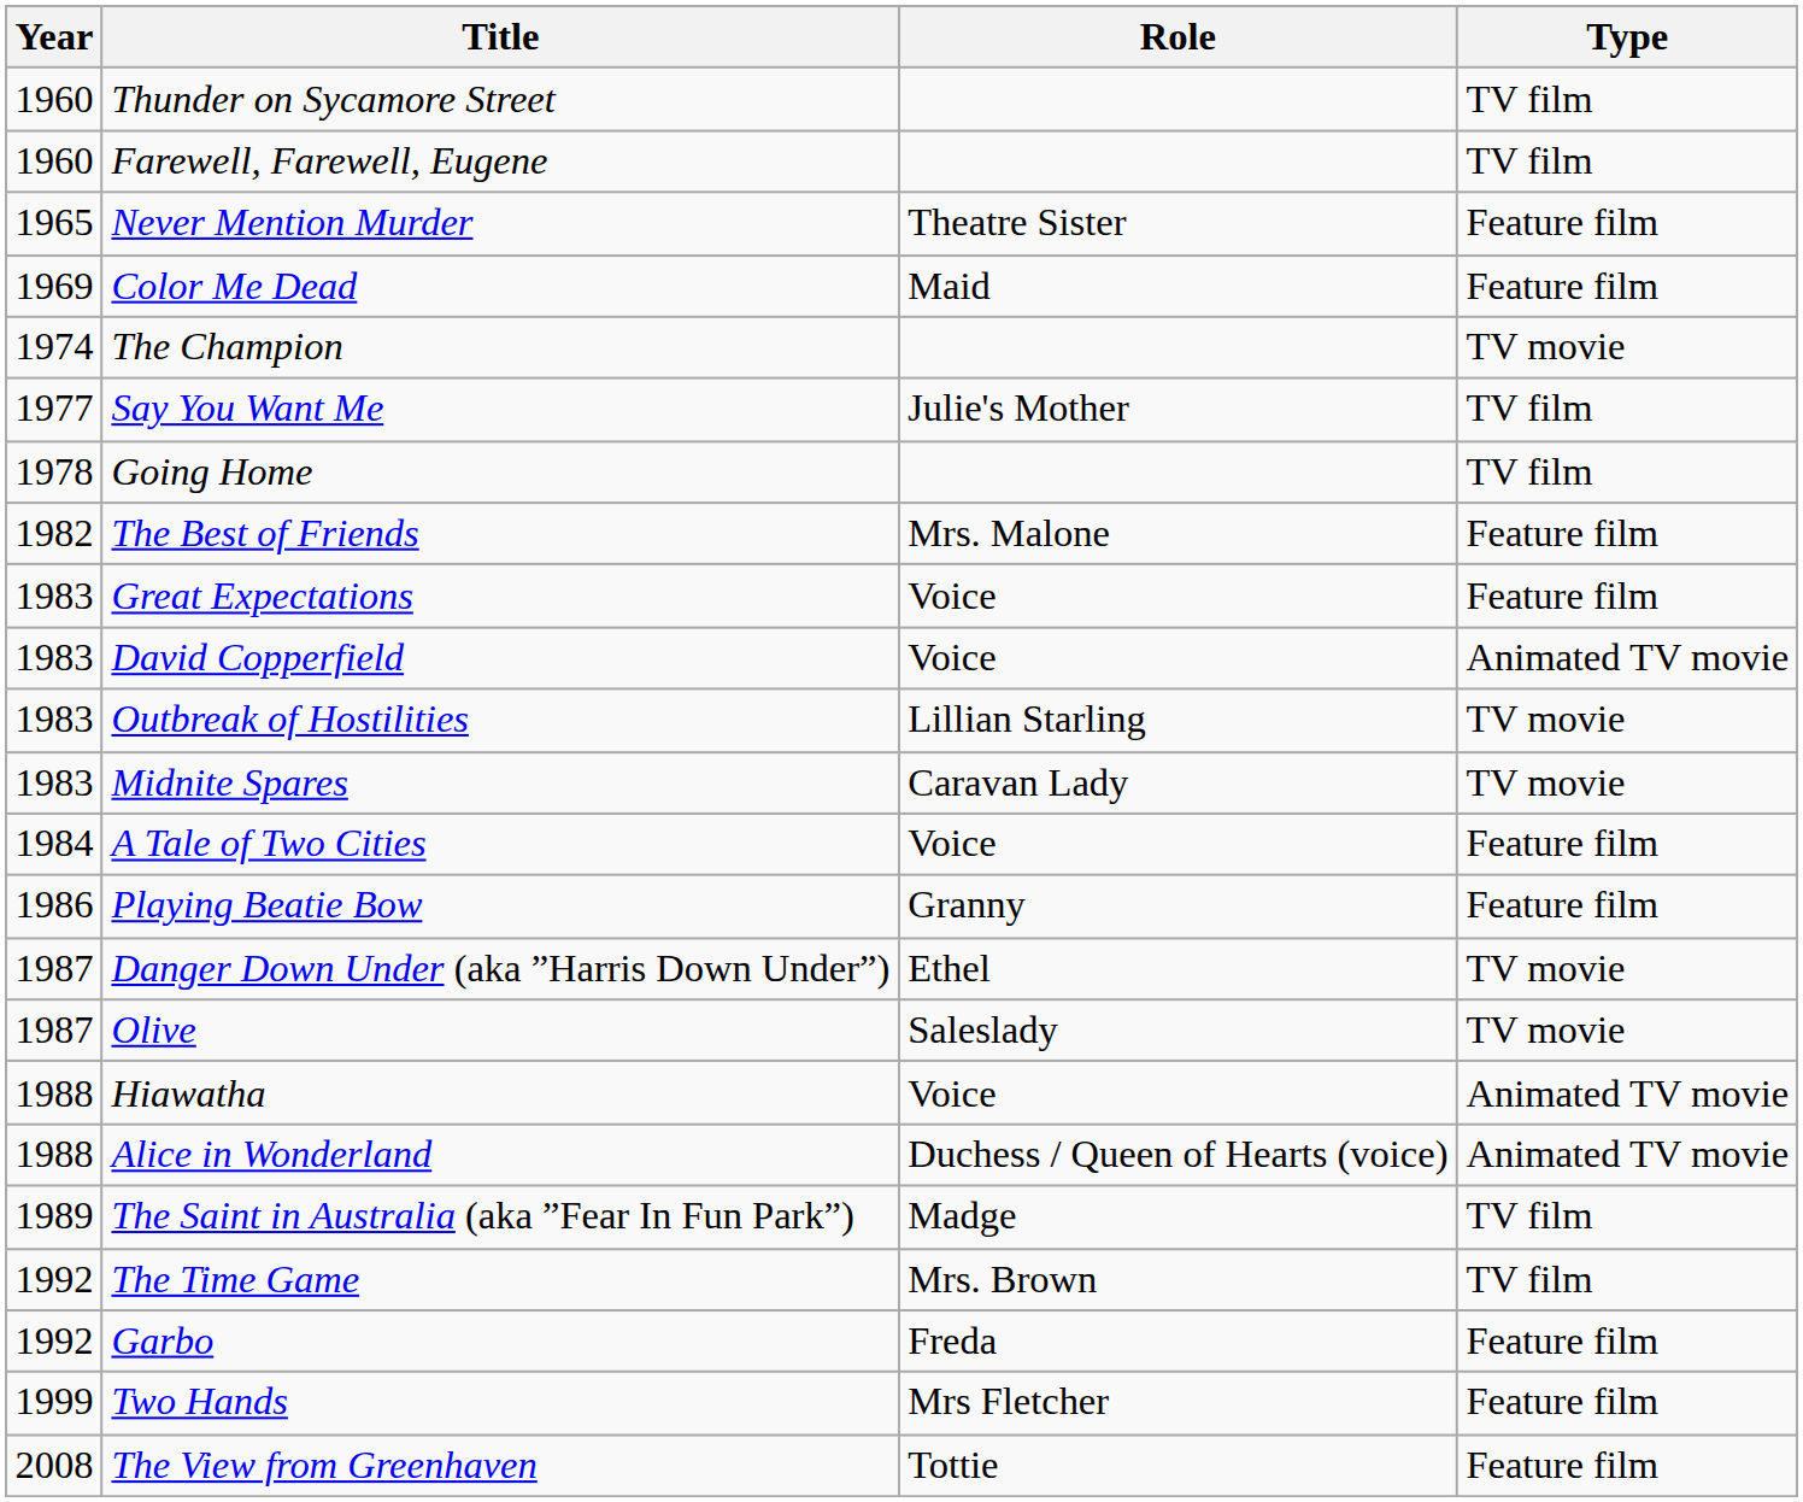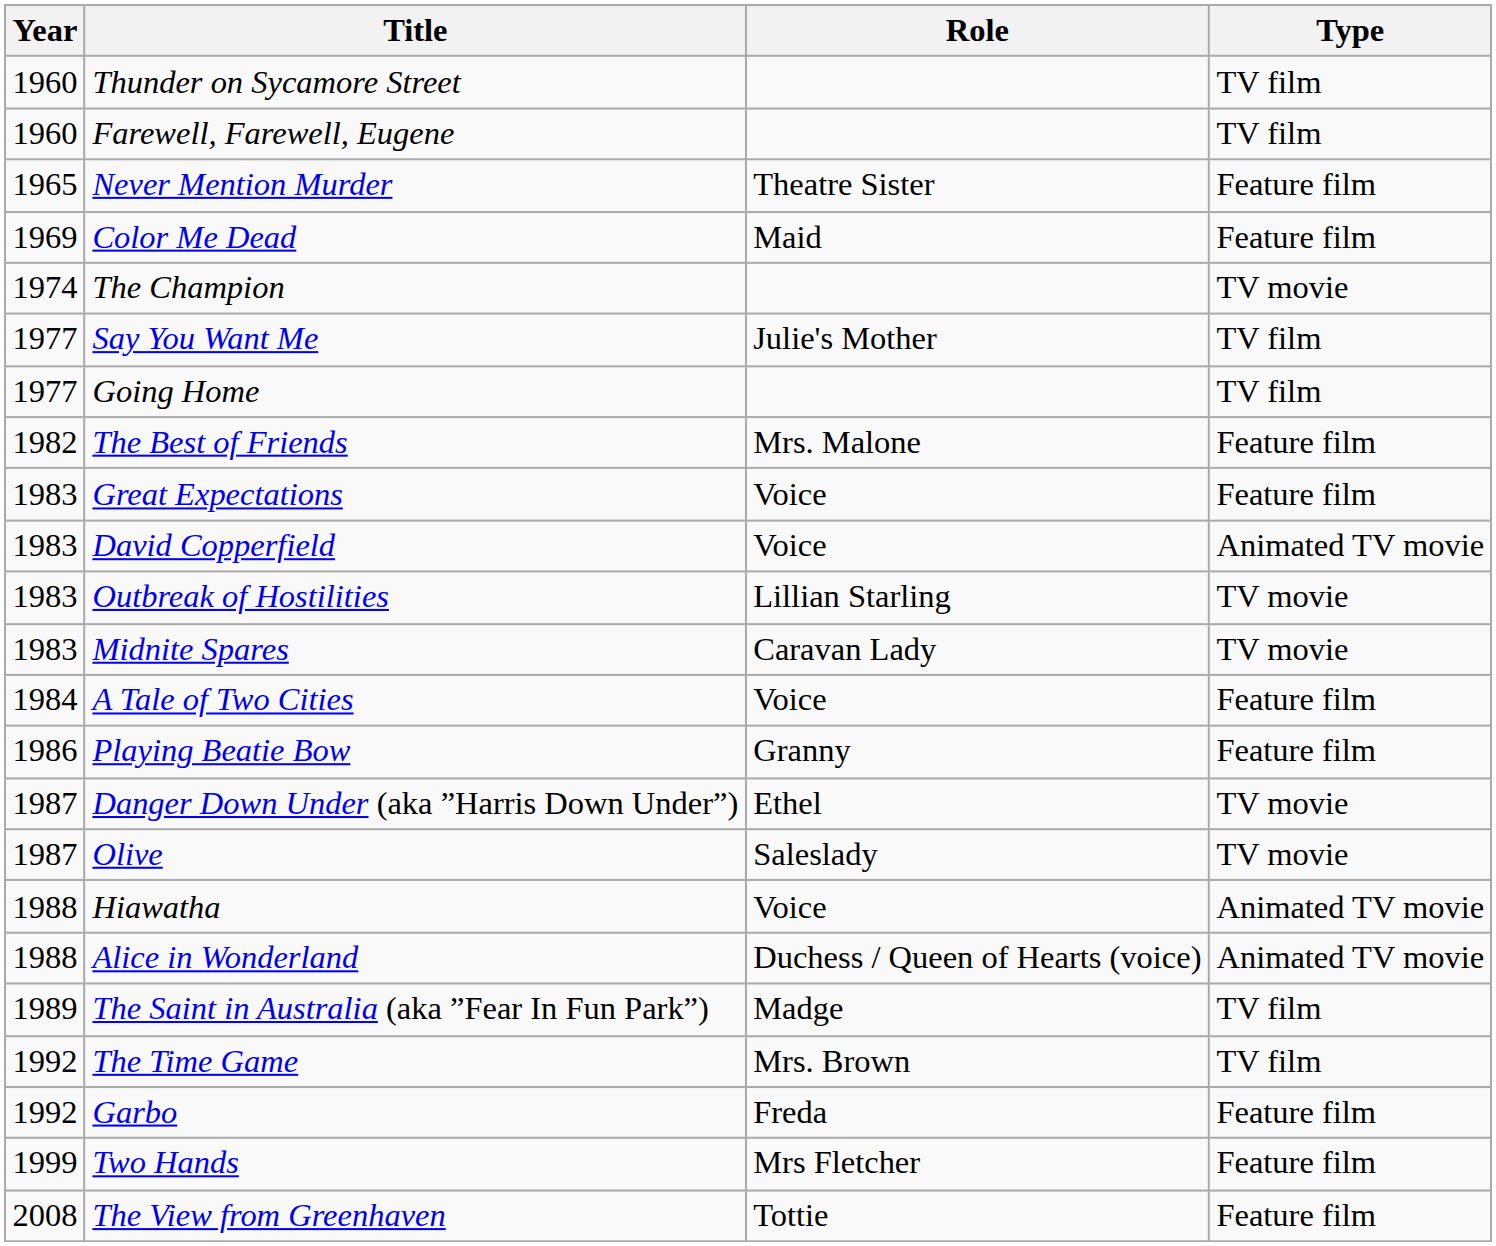 <table class="wikitable">
 <tr>
 <th>Year</th>
 <th>Title</th>
 <th>Role</th>
 <th>Type</th>
 </tr>
 <tr>
 <td>1960</td>
 <td><em>Thunder on Sycamore Street</em></td>
 <td></td>
 <td>TV film</td>
 </tr>
 <tr>
 <td>1960</td>
 <td><em>Farewell, Farewell, Eugene</em></td>
 <td></td>
 <td>TV film</td>
 </tr>
 <tr>
 <td>1965</td>
 <td><em><a href='#'>Never Mention Murder</a></em></td>
 <td>Theatre Sister</td>
 <td>Feature film</td>
 </tr>
 <tr>
 <td>1969</td>
 <td><em><a href='#'>Color Me Dead</a></em></td>
 <td>Maid</td>
 <td>Feature film</td>
 </tr>
 <tr>
 <td>1974</td>
 <td><em>The Champion</em></td>
 <td></td>
 <td>TV movie</td>
 </tr>
 <tr>
 <td>1977</td>
 <td><em><a href='#'>Say You Want Me</a></em></td>
 <td>Julie's Mother</td>
 <td>TV film</td>
 </tr>
 <tr>
-<td>1978</td>
+<td>1977</td>
 <td><em>Going Home</em></td>
 <td></td>
 <td>TV film</td>
 </tr>
 <tr>
 <td>1982</td>
 <td><em><a href='#'>The Best of Friends</a></em></td>
 <td>Mrs. Malone</td>
 <td>Feature film</td>
 </tr>
 <tr>
 <td>1983</td>
 <td><em><a href='#'>Great Expectations</a></em></td>
 <td>Voice</td>
 <td>Feature film</td>
 </tr>
 <tr>
 <td>1983</td>
 <td><em><a href='#'>David Copperfield</a></em></td>
 <td>Voice</td>
 <td>Animated TV movie</td>
 </tr>
 <tr>
 <td>1983</td>
 <td><em><a href='#'>Outbreak of Hostilities</a></em></td>
 <td>Lillian Starling</td>
 <td>TV movie</td>
 </tr>
 <tr>
 <td>1983</td>
 <td><em><a href='#'>Midnite Spares</a></em></td>
 <td>Caravan Lady</td>
 <td>TV movie</td>
 </tr>
 <tr>
 <td>1984</td>
 <td><em><a href='#'>A Tale of Two Cities</a></em></td>
 <td>Voice</td>
 <td>Feature film</td>
 </tr>
 <tr>
 <td>1986</td>
 <td><em><a href='#'>Playing Beatie Bow</a></em></td>
 <td>Granny</td>
 <td>Feature film</td>
 </tr>
 <tr>
 <td>1987</td>
 <td><em><a href='#'>Danger Down Under</a></em> (aka ”Harris Down Under”)</td>
 <td>Ethel</td>
 <td>TV movie</td>
 </tr>
 <tr>
 <td>1987</td>
 <td><em><a href='#'>Olive</a></em></td>
 <td>Saleslady</td>
 <td>TV movie</td>
 </tr>
 <tr>
 <td>1988</td>
 <td><em>Hiawatha</em></td>
 <td>Voice</td>
 <td>Animated TV movie</td>
 </tr>
 <tr>
 <td>1988</td>
 <td><em><a href='#'>Alice in Wonderland</a></em></td>
 <td>Duchess / Queen of Hearts (voice)</td>
 <td>Animated TV movie</td>
 </tr>
 <tr>
 <td>1989</td>
 <td><em><a href='#'>The Saint in Australia</a></em> (aka ”Fear In Fun Park”)</td>
 <td>Madge</td>
 <td>TV film</td>
 </tr>
 <tr>
 <td>1992</td>
 <td><em><a href='#'>The Time Game</a></em></td>
 <td>Mrs. Brown</td>
 <td>TV film</td>
 </tr>
 <tr>
 <td>1992</td>
 <td><em><a href='#'>Garbo</a></em></td>
 <td>Freda</td>
 <td>Feature film</td>
 </tr>
 <tr>
 <td>1999</td>
 <td><em><a href='#'>Two Hands</a></em></td>
 <td>Mrs Fletcher</td>
 <td>Feature film</td>
 </tr>
 <tr>
 <td>2008</td>
 <td><em><a href='#'>The View from Greenhaven</a></em></td>
 <td>Tottie</td>
 <td>Feature film</td>
 </tr>
 </table>
